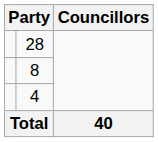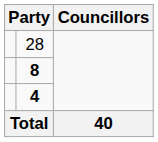 <table class="wikitable">
 <tr>
 <th colspan=2>Party</th>
 <th>Councillors</th>
 </tr>
 <tr>
 <td></td>
 <td align=center>28</td>
 </tr>
 <tr>
 <td></td>
-<td align=center>8</td>
+<td align=center><strong>8</strong></td>
 </tr>
 <tr>
 <td></td>
-<td align=center>4</td>
+<td align=center><strong>4</strong></td>
 </tr>
 <tr>
 <th colspan=2>Total</th>
 <th align=center>40</th>
 </tr>
 </table>
